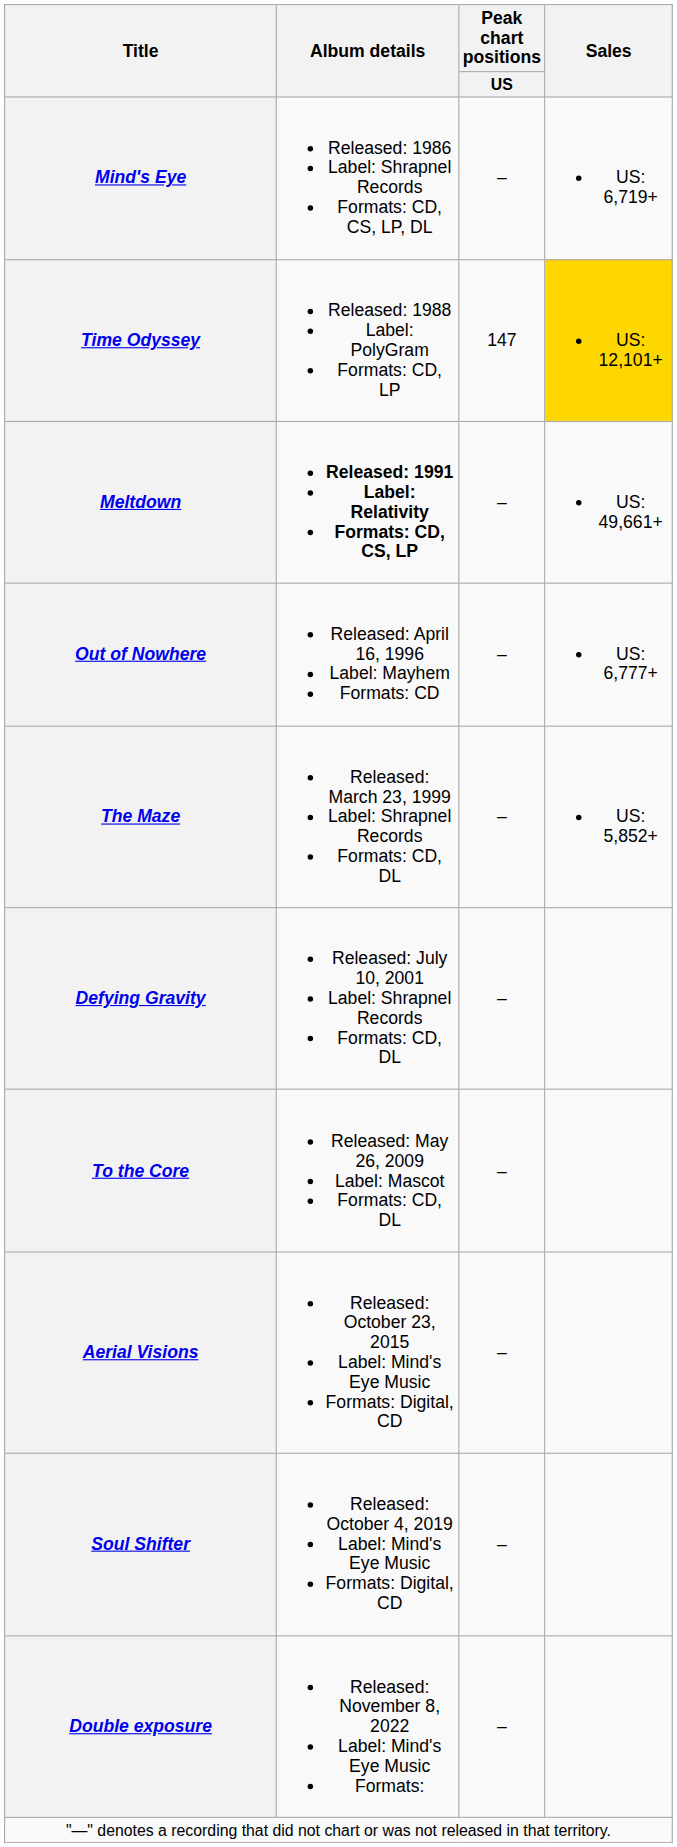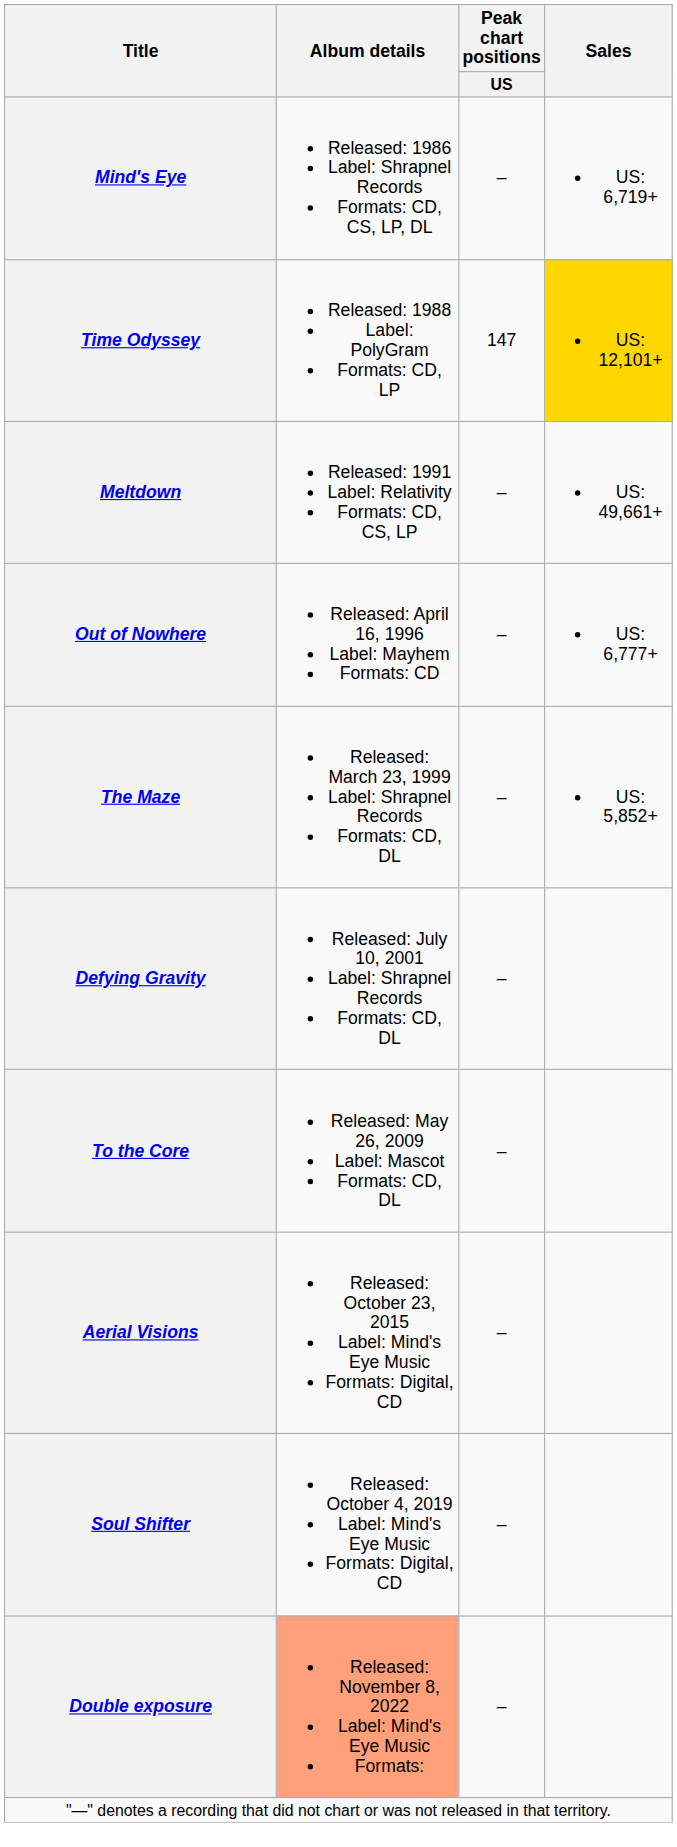 <table class="wikitable plainrowheaders" style="text-align:center;">
 <tr>
 <th scope="col" rowspan="2" style="width:15em;">Title</th>
 <th scope="col" rowspan="2">Album details</th>
 <th scope="col" colspan="1">Peak chart positions</th>
 <th scope="col" rowspan="2">Sales</th>
 </tr>
 <tr>
 <th scope="col" style="width:3em;font-size:90%;">US<br></th>
 </tr>
 <tr>
 <th scope="row"><em><a href='#'>Mind's Eye</a></em></th>
 <td><br><ul><li>Released: 1986</li><li>Label: Shrapnel Records</li><li>Formats: CD, CS, LP, DL</li></ul></td>
 <td>–</td>
 <td><br><ul><li>US: 6,719+</li></ul></td>
 </tr>
 <tr>
 <th scope="row"><em><a href='#'>Time Odyssey</a></em></th>
 <td><br><ul><li>Released: 1988</li><li>Label: PolyGram</li><li>Formats: CD, LP</li></ul></td>
 <td>147</td>
 <td style="background: gold;"><br><ul><li>US: 12,101+</li></ul></td>
 </tr>
 <tr>
 <th scope="row"><em><a href='#'>Meltdown</a></em></th>
-<td><strong><br><ul><li>Released: 1991</li><li>Label: Relativity</li><li>Formats: CD, CS, LP</li></ul></strong></td>
+<td><br><ul><li>Released: 1991</li><li>Label: Relativity</li><li>Formats: CD, CS, LP</li></ul></td>
 <td>–</td>
 <td><br><ul><li>US: 49,661+</li></ul></td>
 </tr>
 <tr>
 <th scope="row"><em><a href='#'>Out of Nowhere</a></em></th>
 <td><br><ul><li>Released: April 16, 1996</li><li>Label: Mayhem</li><li>Formats: CD</li></ul></td>
 <td>–</td>
 <td><br><ul><li>US: 6,777+</li></ul></td>
 </tr>
 <tr>
 <th scope="row"><em><a href='#'>The Maze</a></em></th>
 <td><br><ul><li>Released: March 23, 1999</li><li>Label: Shrapnel Records</li><li>Formats: CD, DL</li></ul></td>
 <td>–</td>
 <td><br><ul><li>US: 5,852+</li></ul></td>
 </tr>
 <tr>
 <th scope="row"><em><a href='#'>Defying Gravity</a></em></th>
 <td><br><ul><li>Released: July 10, 2001</li><li>Label: Shrapnel Records</li><li>Formats: CD, DL</li></ul></td>
 <td>–</td>
 <td></td>
 </tr>
 <tr>
 <th scope="row"><em><a href='#'>To the Core</a></em></th>
 <td><br><ul><li>Released: May 26, 2009</li><li>Label: Mascot</li><li>Formats: CD, DL</li></ul></td>
 <td>–</td>
 <td></td>
 </tr>
 <tr>
 <th scope="row"><em><a href='#'>Aerial Visions</a></em></th>
 <td><br><ul><li>Released: October 23, 2015</li><li>Label: Mind's Eye Music</li><li>Formats: Digital, CD</li></ul></td>
 <td>–</td>
 <td></td>
 </tr>
 <tr>
 <th scope="row"><em><a href='#'>Soul Shifter</a></em></th>
 <td><br><ul><li>Released: October 4, 2019</li><li>Label: Mind's Eye Music</li><li>Formats: Digital, CD</li></ul></td>
 <td>–</td>
 <td></td>
 </tr>
 <tr>
 <th scope="row"><em><a href='#'>Double exposure</a></em></th>
-<td><br><ul><li>Released: November 8, 2022</li><li>Label: Mind's Eye Music</li><li>Formats:</li></ul></td>
+<td style="background: lightsalmon;"><br><ul><li>Released: November 8, 2022</li><li>Label: Mind's Eye Music</li><li>Formats:</li></ul></td>
 <td>–</td>
 <td></td>
 </tr>
 <tr>
 <td colspan="10" style="font-size:90%">"—" denotes a recording that did not chart or was not released in that territory.</td>
 </tr>
 </table>
